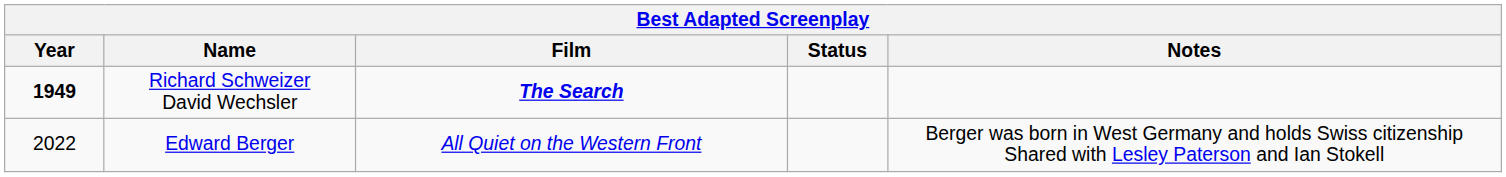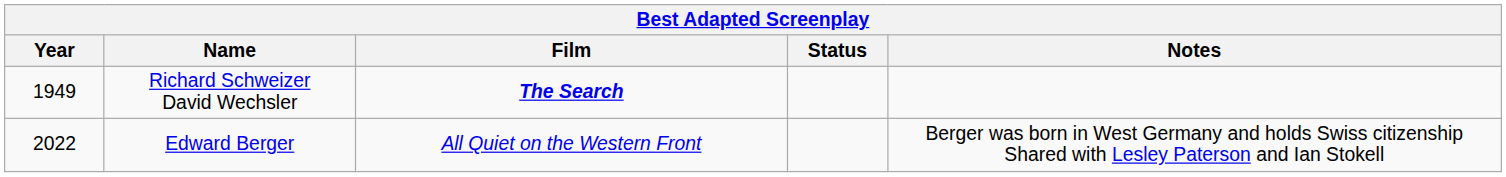 <table class="wikitable" style="text-align: center">
 <tr>
 <th colspan=6 style="text-align:center;"><a href='#'>Best Adapted Screenplay</a></th>
 </tr>
 <tr>
 <th style="width:075px;">Year</th>
 <th style="width:200px;">Name</th>
 <th style="width:350px;">Film</th>
 <th style="width:075px;">Status</th>
 <th style="width:500px;">Notes</th>
 </tr>
 <tr>
-<td><strong>1949</strong></td>
+<td>1949</td>
 <td><a href='#'>Richard Schweizer</a><br>David Wechsler</td>
 <td><strong><em><a href='#'>The Search</a></em></strong></td>
 <td></td>
 <td></td>
 </tr>
 <tr>
 <td>2022</td>
 <td><a href='#'>Edward Berger</a></td>
 <td><em><a href='#'>All Quiet on the Western Front</a></em></td>
 <td></td>
 <td>Berger was born in West Germany and holds Swiss citizenship<br>Shared with <a href='#'>Lesley Paterson</a> and Ian Stokell</td>
 </tr>
 </table>
